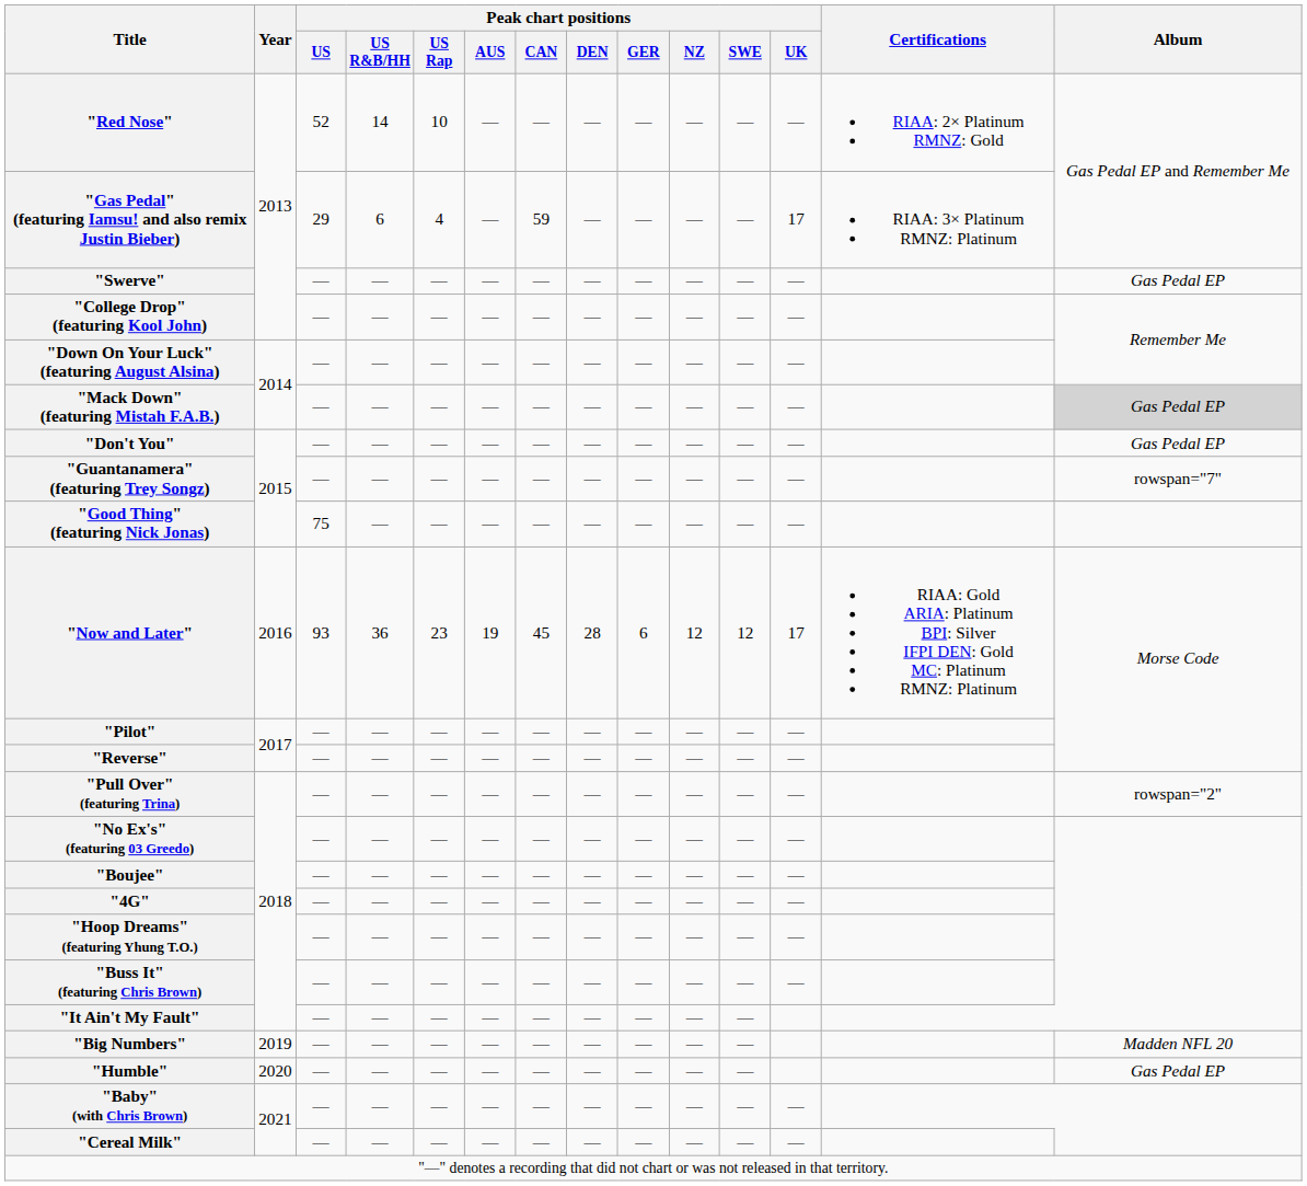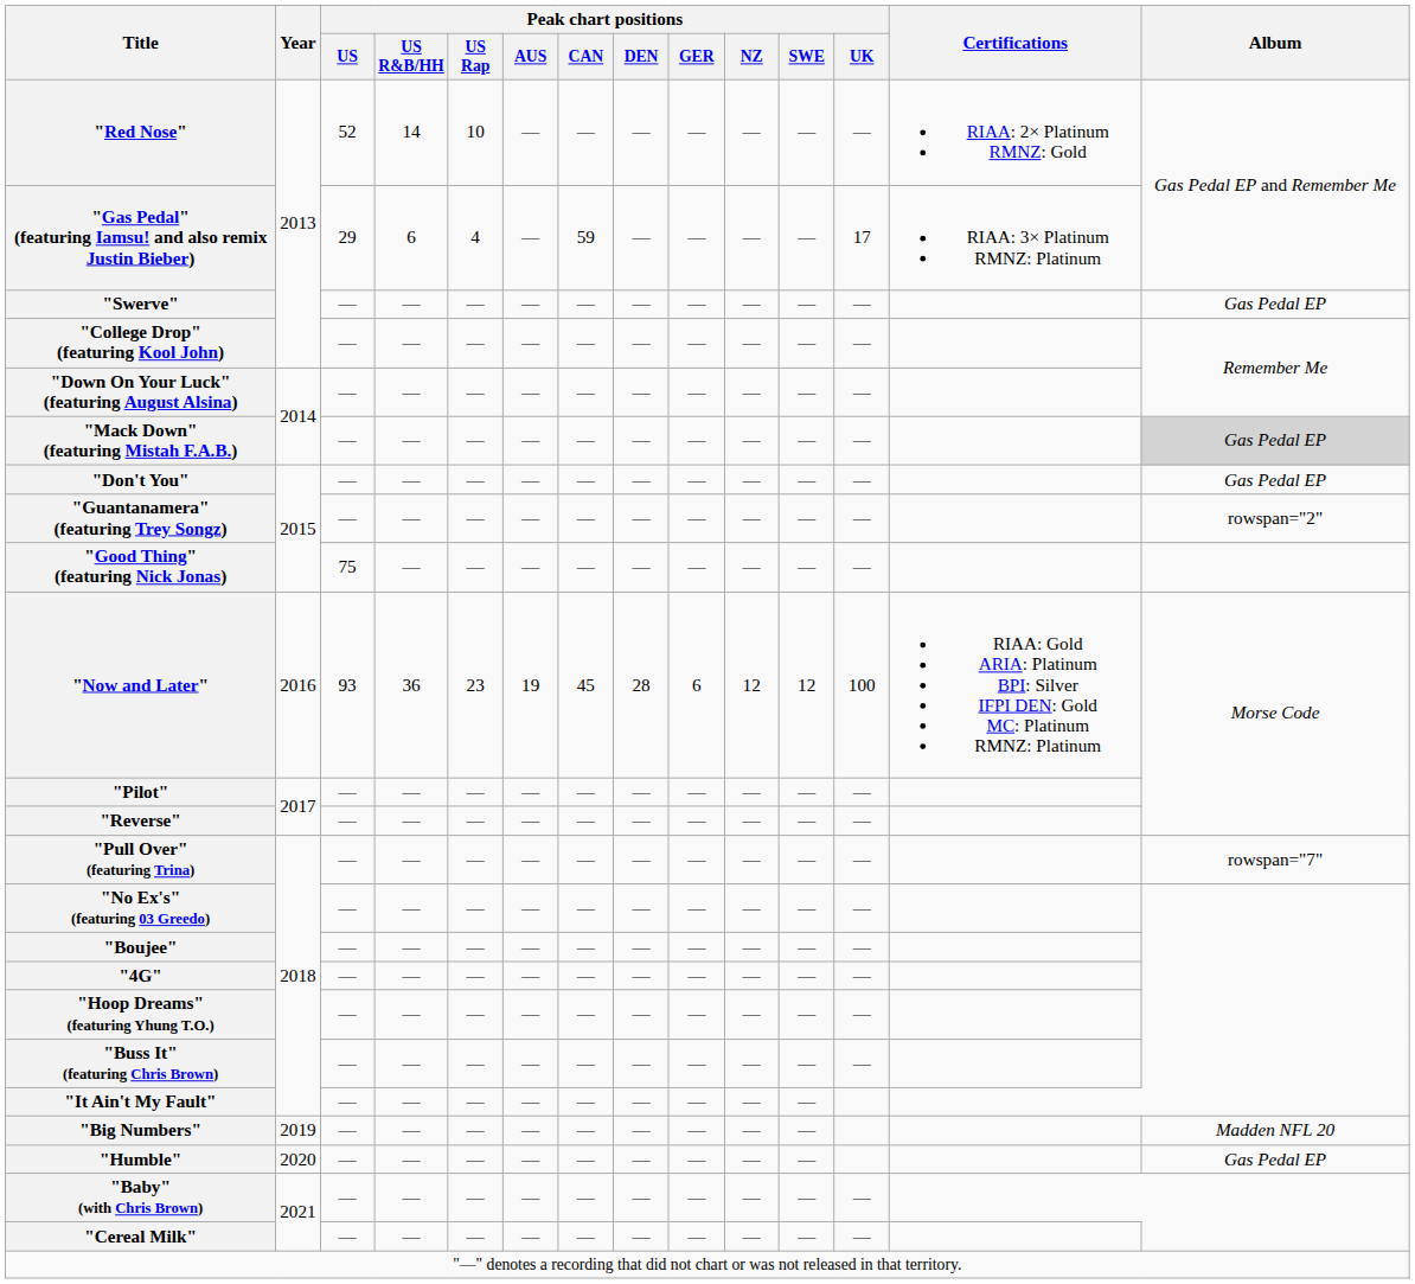 <table class="wikitable plainrowheaders" style="text-align:center;" border="1">
 <tr>
 <th scope="col" rowspan="2" style="width:15em;">Title</th>
 <th scope="col" rowspan="2" style="width:1em;">Year</th>
 <th scope="col" colspan="10">Peak chart positions</th>
 <th scope="col" rowspan="2" style="width:14em;"><a href='#'>Certifications</a></th>
 <th scope="col" rowspan="2" style="width:15em;">Album</th>
 </tr>
 <tr>
 <th scope="col" style="width:3em;font-size:90%;"><a href='#'>US</a><br></th>
 <th scope="col" style="width:3em;font-size:90%;"><a href='#'>US R&B/HH</a><br></th>
 <th scope="col" style="width:3em;font-size:90%;"><a href='#'>US Rap</a><br></th>
 <th scope="col" style="width:3em;font-size:90%;"><a href='#'>AUS</a><br></th>
 <th scope="col" style="width:3em;font-size:90%;"><a href='#'>CAN</a><br></th>
 <th scope="col" style="width:3em;font-size:90%;"><a href='#'>DEN</a><br></th>
 <th scope="col" style="width:3em;font-size:90%;"><a href='#'>GER</a><br></th>
 <th scope="col" style="width:3em;font-size:90%;"><a href='#'>NZ</a><br></th>
 <th scope="col" style="width:3em;font-size:90%;"><a href='#'>SWE</a><br></th>
 <th scope="col" style="width:3em;font-size:90%;"><a href='#'>UK</a><br></th>
 </tr>
 <tr>
 <th scope="row">"<a href='#'>Red Nose</a>"</th>
 <td rowspan="4">2013</td>
 <td>52</td>
 <td>14</td>
 <td>10</td>
 <td>—</td>
 <td>—</td>
 <td>—</td>
 <td>—</td>
 <td>—</td>
 <td>—</td>
 <td>—</td>
 <td><br><ul><li><a href='#'>RIAA</a>: 2× Platinum</li><li><a href='#'>RMNZ</a>: Gold</li></ul></td>
 <td rowspan="2"><em>Gas Pedal EP</em> and <em>Remember Me</em></td>
 </tr>
 <tr>
 <th scope="row">"<a href='#'>Gas Pedal</a>"<br><span>(featuring <a href='#'>Iamsu!</a> and also remix <a href='#'>Justin Bieber</a>)</span></th>
 <td>29</td>
 <td>6</td>
 <td>4</td>
 <td>—</td>
 <td>59</td>
 <td>—</td>
 <td>—</td>
 <td>—</td>
 <td>—</td>
 <td>17</td>
 <td><br><ul><li>RIAA: 3× Platinum</li><li>RMNZ: Platinum</li></ul></td>
 </tr>
 <tr>
 <th scope="row">"Swerve"</th>
 <td>—</td>
 <td>—</td>
 <td>—</td>
 <td>—</td>
 <td>—</td>
 <td>—</td>
 <td>—</td>
 <td>—</td>
 <td>—</td>
 <td>—</td>
 <td></td>
 <td><em>Gas Pedal EP</em></td>
 </tr>
 <tr>
 <th scope="row">"College Drop"<br><span>(featuring <a href='#'>Kool John</a>)</span></th>
 <td>—</td>
 <td>—</td>
 <td>—</td>
 <td>—</td>
 <td>—</td>
 <td>—</td>
 <td>—</td>
 <td>—</td>
 <td>—</td>
 <td>—</td>
 <td></td>
 <td rowspan="2"><em>Remember Me</em></td>
 </tr>
 <tr>
 <th scope="row">"Down On Your Luck"<br><span> (featuring <a href='#'>August Alsina</a>)</span></th>
 <td rowspan="2">2014</td>
 <td>—</td>
 <td>—</td>
 <td>—</td>
 <td>—</td>
 <td>—</td>
 <td>—</td>
 <td>—</td>
 <td>—</td>
 <td>—</td>
 <td>—</td>
 <td></td>
 </tr>
 <tr>
 <th scope="row">"Mack Down"<br><span>(featuring <a href='#'>Mistah F.A.B.</a>)</span></th>
 <td>—</td>
 <td>—</td>
 <td>—</td>
 <td>—</td>
 <td>—</td>
 <td>—</td>
 <td>—</td>
 <td>—</td>
 <td>—</td>
 <td>—</td>
 <td></td>
 <td style="background: lightgrey;"><em>Gas Pedal EP</em></td>
 </tr>
 <tr>
 <th scope="row">"Don't You"</th>
 <td rowspan="3">2015</td>
 <td>—</td>
 <td>—</td>
 <td>—</td>
 <td>—</td>
 <td>—</td>
 <td>—</td>
 <td>—</td>
 <td>—</td>
 <td>—</td>
 <td>—</td>
 <td></td>
 <td><em>Gas Pedal EP</em></td>
 </tr>
 <tr>
 <th scope="row">"Guantanamera"<br><span>(featuring <a href='#'>Trey Songz</a>)</span></th>
 <td>—</td>
 <td>—</td>
 <td>—</td>
 <td>—</td>
 <td>—</td>
 <td>—</td>
 <td>—</td>
 <td>—</td>
 <td>—</td>
 <td>—</td>
 <td></td>
-<td>rowspan="7" </td>
+<td>rowspan="2" </td>
 </tr>
 <tr>
 <th scope="row">"<a href='#'>Good Thing</a>"<br><span>(featuring <a href='#'>Nick Jonas</a>)</span></th>
 <td>75</td>
 <td>—</td>
 <td>—</td>
 <td>—</td>
 <td>—</td>
 <td>—</td>
 <td>—</td>
 <td>—</td>
 <td>—</td>
 <td>—</td>
 <td></td>
 </tr>
 <tr>
 <th scope="row">"<a href='#'>Now and Later</a>"</th>
 <td>2016</td>
 <td>93</td>
 <td>36</td>
 <td>23</td>
 <td>19</td>
 <td>45</td>
 <td>28</td>
 <td>6</td>
 <td>12</td>
 <td>12</td>
-<td>17</td>
+<td>100</td>
 <td><br><ul><li>RIAA: Gold</li><li><a href='#'>ARIA</a>: Platinum</li><li><a href='#'>BPI</a>: Silver</li><li><a href='#'>IFPI DEN</a>: Gold</li><li><a href='#'>MC</a>: Platinum</li><li>RMNZ: Platinum</li></ul></td>
 <td rowspan="3"><em>Morse Code</em></td>
 </tr>
 <tr>
 <th scope="row">"Pilot"</th>
 <td rowspan="2">2017</td>
 <td>—</td>
 <td>—</td>
 <td>—</td>
 <td>—</td>
 <td>—</td>
 <td>—</td>
 <td>—</td>
 <td>—</td>
 <td>—</td>
 <td>—</td>
 <td></td>
 </tr>
 <tr>
 <th scope="row">"Reverse"</th>
 <td>—</td>
 <td>—</td>
 <td>—</td>
 <td>—</td>
 <td>—</td>
 <td>—</td>
 <td>—</td>
 <td>—</td>
 <td>—</td>
 <td>—</td>
 <td></td>
 </tr>
 <tr>
 <th scope="row">"Pull Over"<br><small>(featuring <a href='#'>Trina</a>)</small></th>
 <td rowspan="7">2018</td>
 <td>—</td>
 <td>—</td>
 <td>—</td>
 <td>—</td>
 <td>—</td>
 <td>—</td>
 <td>—</td>
 <td>—</td>
 <td>—</td>
 <td>—</td>
 <td></td>
-<td>rowspan="2" </td>
+<td>rowspan="7" </td>
 </tr>
 <tr>
 <th scope="row">"No Ex's"<br><small>(featuring <a href='#'>03 Greedo</a>)</small></th>
 <td>—</td>
 <td>—</td>
 <td>—</td>
 <td>—</td>
 <td>—</td>
 <td>—</td>
 <td>—</td>
 <td>—</td>
 <td>—</td>
 <td>—</td>
 <td></td>
 </tr>
 <tr>
 <th scope="row">"Boujee"</th>
 <td>—</td>
 <td>—</td>
 <td>—</td>
 <td>—</td>
 <td>—</td>
 <td>—</td>
 <td>—</td>
 <td>—</td>
 <td>—</td>
 <td>—</td>
 <td></td>
 </tr>
 <tr>
 <th scope="row">"4G"</th>
 <td>—</td>
 <td>—</td>
 <td>—</td>
 <td>—</td>
 <td>—</td>
 <td>—</td>
 <td>—</td>
 <td>—</td>
 <td>—</td>
 <td>—</td>
 <td></td>
 </tr>
 <tr>
 <th scope="row">"Hoop Dreams"<br><small>(featuring Yhung T.O.)</small></th>
 <td>—</td>
 <td>—</td>
 <td>—</td>
 <td>—</td>
 <td>—</td>
 <td>—</td>
 <td>—</td>
 <td>—</td>
 <td>—</td>
 <td>—</td>
 <td></td>
 </tr>
 <tr>
 <th scope="row">"Buss It"<br><small>(featuring <a href='#'>Chris Brown</a>)</small></th>
 <td>—</td>
 <td>—</td>
 <td>—</td>
 <td>—</td>
 <td>—</td>
 <td>—</td>
 <td>—</td>
 <td>—</td>
 <td>—</td>
 <td>—</td>
 <td></td>
 </tr>
 <tr>
 <th scope="row">"It Ain't My Fault"</th>
 <td>—</td>
 <td>—</td>
 <td>—</td>
 <td>—</td>
 <td>—</td>
 <td>—</td>
 <td>—</td>
 <td>—</td>
 <td>—</td>
 <td></td>
 </tr>
 <tr>
 <th scope="row">"Big Numbers"</th>
 <td>2019</td>
 <td>—</td>
 <td>—</td>
 <td>—</td>
 <td>—</td>
 <td>—</td>
 <td>—</td>
 <td>—</td>
 <td>—</td>
 <td>—</td>
 <td></td>
 <td></td>
 <td><em>Madden NFL 20</em></td>
 </tr>
 <tr>
 <th scope="row">"Humble"</th>
 <td>2020</td>
 <td>—</td>
 <td>—</td>
 <td>—</td>
 <td>—</td>
 <td>—</td>
 <td>—</td>
 <td>—</td>
 <td>—</td>
 <td>—</td>
 <td></td>
 <td></td>
 <td><em>Gas Pedal EP</em></td>
 </tr>
 <tr>
 <th scope="row">"Baby"<br><small>(with <a href='#'>Chris Brown</a>)</small></th>
 <td rowspan="2">2021</td>
 <td>—</td>
 <td>—</td>
 <td>—</td>
 <td>—</td>
 <td>—</td>
 <td>—</td>
 <td>—</td>
 <td>—</td>
 <td>—</td>
 <td>—</td>
 </tr>
 <tr>
 <th scope="row">"Cereal Milk"</th>
 <td>—</td>
 <td>—</td>
 <td>—</td>
 <td>—</td>
 <td>—</td>
 <td>—</td>
 <td>—</td>
 <td>—</td>
 <td>—</td>
 <td>—</td>
 <td></td>
 </tr>
 <tr>
 <td colspan="14" style="font-size:90%">"—" denotes a recording that did not chart or was not released in that territory.</td>
 </tr>
 </table>
